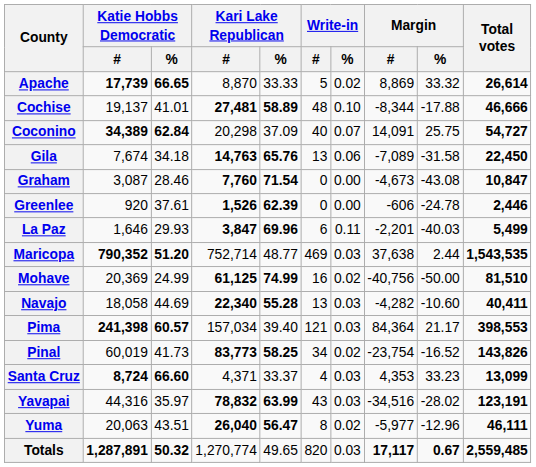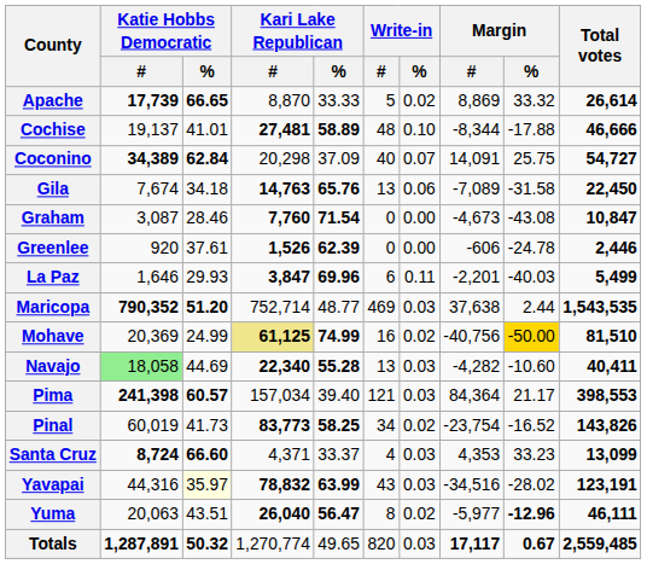 <table class="wikitable sortable" style="text-align:right;font-size:90%;line-height:1.3">
 <tr>
 <th rowspan=2>County</th>
 <th colspan=2><a href='#'>Katie Hobbs</a><br><a href='#'>Democratic</a></th>
 <th colspan=2><a href='#'>Kari Lake</a><br><a href='#'>Republican</a></th>
 <th colspan=2><a href='#'>Write-in</a></th>
 <th colspan=2>Margin</th>
 <th rowspan=2>Total<br>votes</th>
 </tr>
 <tr>
 <th data-sort-type="number">#</th>
 <th data-sort-type="number">%</th>
 <th data-sort-type="number">#</th>
 <th data-sort-type="number">%</th>
 <th data-sort-type="number">#</th>
 <th data-sort-type="number">%</th>
 <th data-sort-type="number">#</th>
 <th data-sort-type="number">%</th>
 </tr>
 <tr>
 <th><a href='#'>Apache</a></th>
 <td><strong>17,739</strong></td>
 <td><strong>66.65</strong></td>
 <td>8,870</td>
 <td>33.33</td>
 <td>5</td>
 <td>0.02</td>
 <td>8,869</td>
 <td>33.32</td>
 <td><strong>26,614</strong></td>
 </tr>
 <tr>
 <th><a href='#'>Cochise</a></th>
 <td>19,137</td>
 <td>41.01</td>
 <td><strong>27,481</strong></td>
 <td><strong>58.89</strong></td>
 <td>48</td>
 <td>0.10</td>
 <td>-8,344</td>
 <td>-17.88</td>
 <td><strong>46,666</strong></td>
 </tr>
 <tr>
 <th><a href='#'>Coconino</a></th>
 <td><strong>34,389</strong></td>
 <td><strong>62.84</strong></td>
 <td>20,298</td>
 <td>37.09</td>
 <td>40</td>
 <td>0.07</td>
 <td>14,091</td>
 <td>25.75</td>
 <td><strong>54,727</strong></td>
 </tr>
 <tr>
 <th><a href='#'>Gila</a></th>
 <td>7,674</td>
 <td>34.18</td>
 <td><strong>14,763</strong></td>
 <td><strong>65.76</strong></td>
 <td>13</td>
 <td>0.06</td>
 <td>-7,089</td>
 <td>-31.58</td>
 <td><strong>22,450</strong></td>
 </tr>
 <tr>
 <th><a href='#'>Graham</a></th>
 <td>3,087</td>
 <td>28.46</td>
 <td><strong>7,760</strong></td>
 <td><strong>71.54</strong></td>
 <td>0</td>
 <td>0.00</td>
 <td>-4,673</td>
 <td>-43.08</td>
 <td><strong>10,847</strong></td>
 </tr>
 <tr>
 <th><a href='#'>Greenlee</a></th>
 <td>920</td>
 <td>37.61</td>
 <td><strong>1,526</strong></td>
 <td><strong>62.39</strong></td>
 <td>0</td>
 <td>0.00</td>
 <td>-606</td>
 <td>-24.78</td>
 <td><strong>2,446</strong></td>
 </tr>
 <tr>
 <th><a href='#'>La Paz</a></th>
 <td>1,646</td>
 <td>29.93</td>
 <td><strong>3,847</strong></td>
 <td><strong>69.96</strong></td>
 <td>6</td>
 <td>0.11</td>
 <td>-2,201</td>
 <td>-40.03</td>
 <td><strong>5,499</strong></td>
 </tr>
 <tr>
 <th><a href='#'>Maricopa</a></th>
 <td><strong>790,352</strong></td>
 <td><strong>51.20</strong></td>
 <td>752,714</td>
 <td>48.77</td>
 <td>469</td>
 <td>0.03</td>
 <td>37,638</td>
 <td>2.44</td>
 <td><strong>1,543,535</strong></td>
 </tr>
 <tr>
 <th><a href='#'>Mohave</a></th>
 <td>20,369</td>
 <td>24.99</td>
-<td><strong>61,125</strong></td>
+<td style="background: khaki;"><strong>61,125</strong></td>
 <td><strong>74.99</strong></td>
 <td>16</td>
 <td>0.02</td>
 <td>-40,756</td>
-<td>-50.00</td>
+<td style="background: gold;">-50.00</td>
 <td><strong>81,510</strong></td>
 </tr>
 <tr>
 <th><a href='#'>Navajo</a></th>
-<td>18,058</td>
+<td style="background: lightgreen;">18,058</td>
 <td>44.69</td>
 <td><strong>22,340</strong></td>
 <td><strong>55.28</strong></td>
 <td>13</td>
 <td>0.03</td>
 <td>-4,282</td>
 <td>-10.60</td>
 <td><strong>40,411</strong></td>
 </tr>
 <tr>
 <th><a href='#'>Pima</a></th>
 <td><strong>241,398</strong></td>
 <td><strong>60.57</strong></td>
 <td>157,034</td>
 <td>39.40</td>
 <td>121</td>
 <td>0.03</td>
 <td>84,364</td>
 <td>21.17</td>
 <td><strong>398,553</strong></td>
 </tr>
 <tr>
 <th><a href='#'>Pinal</a></th>
 <td>60,019</td>
 <td>41.73</td>
 <td><strong>83,773</strong></td>
 <td><strong>58.25</strong></td>
 <td>34</td>
 <td>0.02</td>
 <td>-23,754</td>
 <td>-16.52</td>
 <td><strong>143,826</strong></td>
 </tr>
 <tr>
 <th><a href='#'>Santa Cruz</a></th>
 <td><strong>8,724</strong></td>
 <td><strong>66.60</strong></td>
 <td>4,371</td>
 <td>33.37</td>
 <td>4</td>
 <td>0.03</td>
 <td>4,353</td>
 <td>33.23</td>
 <td><strong>13,099</strong></td>
 </tr>
 <tr>
 <th><a href='#'>Yavapai</a></th>
 <td>44,316</td>
-<td>35.97</td>
+<td style="background: lightyellow;">35.97</td>
 <td><strong>78,832</strong></td>
 <td><strong>63.99</strong></td>
 <td>43</td>
 <td>0.03</td>
 <td>-34,516</td>
 <td>-28.02</td>
 <td><strong>123,191</strong></td>
 </tr>
 <tr>
 <th><a href='#'>Yuma</a></th>
 <td>20,063</td>
 <td>43.51</td>
 <td><strong>26,040</strong></td>
 <td><strong>56.47</strong></td>
 <td>8</td>
 <td>0.02</td>
 <td>-5,977</td>
-<td>-12.96</td>
+<td><strong>-12.96</strong></td>
 <td><strong>46,111</strong></td>
 </tr>
 <tr class="sortbottom">
 <th>Totals</th>
 <td><strong>1,287,891</strong></td>
 <td><strong>50.32</strong></td>
 <td>1,270,774</td>
 <td>49.65</td>
 <td>820</td>
 <td>0.03</td>
 <td><strong>17,117</strong></td>
 <td><strong>0.67</strong></td>
 <td><strong>2,559,485</strong></td>
 </tr>
 </table>
